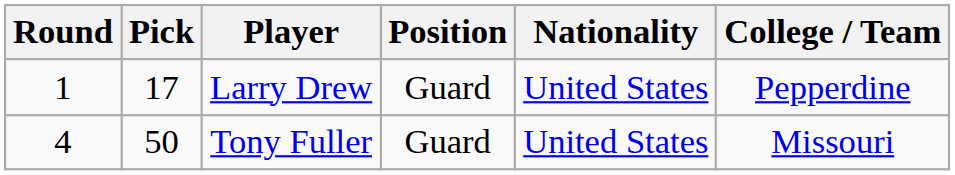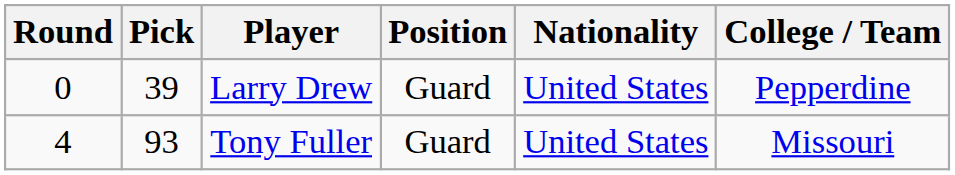 <table class="wikitable sortable sortable">
 <tr>
 <th>Round</th>
 <th>Pick</th>
 <th>Player</th>
 <th>Position</th>
 <th>Nationality</th>
 <th>College / Team</th>
 </tr>
 <tr style="text-align: center">
-<td>1</td>
-<td>17</td>
+<td>0</td>
+<td>39</td>
 <td><a href='#'>Larry Drew</a></td>
 <td>Guard</td>
 <td> <a href='#'>United States</a></td>
 <td><a href='#'>Pepperdine</a></td>
 </tr>
 <tr style="text-align: center">
 <td>4</td>
-<td>50</td>
+<td>93</td>
 <td><a href='#'>Tony Fuller</a></td>
 <td>Guard</td>
 <td> <a href='#'>United States</a></td>
 <td><a href='#'>Missouri</a></td>
 </tr>
 </table>
